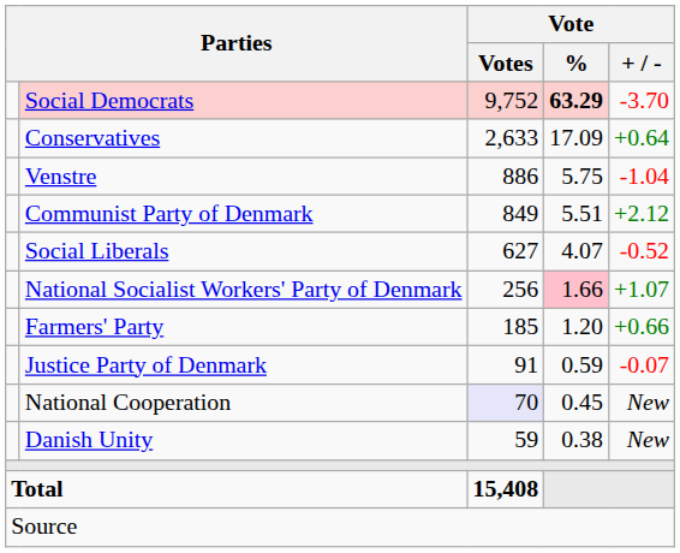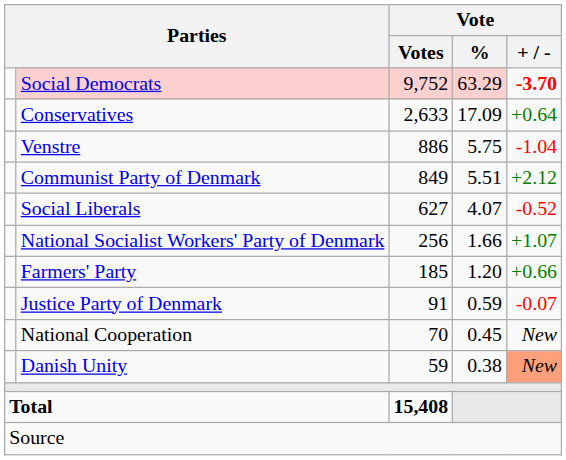 <table class="wikitable" style="text-align:right;">
 <tr>
 <th style="text-align:centre;" rowspan="2" colspan="2" width="225">Parties</th>
 <th colspan="3">Vote</th>
 </tr>
 <tr>
 <th width="15">Votes</th>
 <th width="15">%</th>
 <th width="15">+ / -</th>
 </tr>
 <tr>
 <td width="2" style="color:inherit;background:"></td>
 <td bgcolor=#fbd0ce  align="left"><a href='#'>Social Democrats</a></td>
 <td bgcolor=#fbd0ce>9,752</td>
-<td bgcolor=#fbd0ce><strong>63.29</strong></td>
-<td style=color:red;>-3.70</td>
+<td bgcolor=#fbd0ce>63.29</td>
+<td style=color:red;><strong>-3.70</strong></td>
 </tr>
 <tr>
 <td width="2" style="color:inherit;background:"></td>
 <td align="left"><a href='#'>Conservatives</a></td>
 <td>2,633</td>
 <td>17.09</td>
 <td style=color:green;>+0.64</td>
 </tr>
 <tr>
 <td width="2" style="color:inherit;background:"></td>
 <td align="left"><a href='#'>Venstre</a></td>
 <td>886</td>
 <td>5.75</td>
 <td style=color:red;>-1.04</td>
 </tr>
 <tr>
 <td width="2" style="color:inherit;background:"></td>
 <td align="left"><a href='#'>Communist Party of Denmark</a></td>
 <td>849</td>
 <td>5.51</td>
 <td style=color:green;>+2.12</td>
 </tr>
 <tr>
 <td width="2" style="color:inherit;background:"></td>
 <td align="left"><a href='#'>Social Liberals</a></td>
 <td>627</td>
 <td>4.07</td>
 <td style=color:red;>-0.52</td>
 </tr>
 <tr>
 <td width="2" style="color:inherit;background:"></td>
 <td align="left"><a href='#'>National Socialist Workers' Party of Denmark</a></td>
 <td>256</td>
-<td style="background: pink;">1.66</td>
+<td>1.66</td>
 <td style=color:green;>+1.07</td>
 </tr>
 <tr>
 <td width="2" style="color:inherit;background:"></td>
 <td align="left"><a href='#'>Farmers' Party</a></td>
 <td>185</td>
 <td>1.20</td>
 <td style=color:green;>+0.66</td>
 </tr>
 <tr>
 <td width="2" style="color:inherit;background:"></td>
 <td align="left"><a href='#'>Justice Party of Denmark</a></td>
 <td>91</td>
 <td>0.59</td>
 <td style=color:red;>-0.07</td>
 </tr>
 <tr>
 <td width="2" style="color:inherit;background:"></td>
 <td align="left">National Cooperation</td>
-<td style="background: lavender;">70</td>
+<td>70</td>
 <td>0.45</td>
 <td><em>New</em></td>
 </tr>
 <tr>
 <td width="2" style="color:inherit;background:"></td>
 <td align="left"><a href='#'>Danish Unity</a></td>
 <td>59</td>
 <td>0.38</td>
-<td><em>New</em></td>
+<td style="background: lightsalmon;"><em>New</em></td>
 </tr>
 <tr>
 <td colspan="7" bgcolor="#E9E9E9"></td>
 </tr>
 <tr>
 <td align="left" colspan="2"><strong>Total</strong></td>
 <td><strong>15,408</strong></td>
 <td bgcolor="#E9E9E9" colspan="2"></td>
 </tr>
 <tr>
 <td align="left" colspan="6">Source</td>
 </tr>
 </table>
